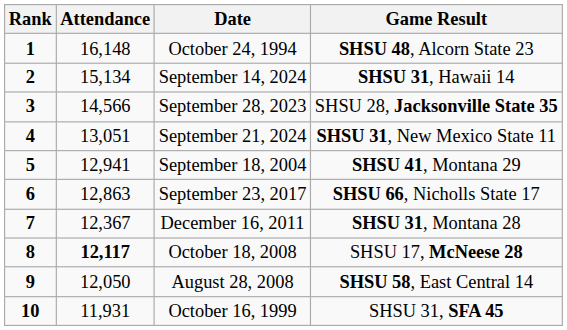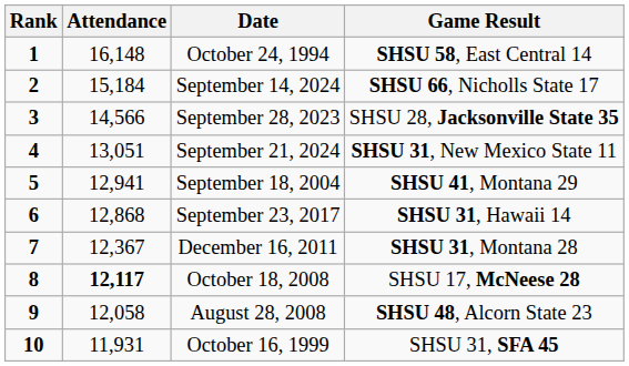 <table class="wikitable">
 <tr>
 <th>Rank</th>
 <th>Attendance</th>
 <th>Date</th>
 <th>Game Result</th>
 </tr>
 <tr align="center">
 <td><strong>1</strong></td>
 <td>16,148</td>
 <td>October 24, 1994</td>
-<td><strong>SHSU 48</strong>, Alcorn State 23</td>
+<td><strong>SHSU 58</strong>, East Central 14</td>
 </tr>
 <tr align="center">
 <td><strong>2</strong></td>
-<td>15,134</td>
+<td>15,184</td>
 <td>September 14, 2024</td>
-<td><strong>SHSU 31</strong>, Hawaii 14</td>
+<td><strong>SHSU 66</strong>, Nicholls State 17</td>
 </tr>
 <tr align="center">
 <td><strong>3</strong></td>
 <td>14,566</td>
 <td>September 28, 2023</td>
 <td>SHSU 28, <strong>Jacksonville State 35</strong></td>
 </tr>
 <tr align="center">
 <td><strong>4</strong></td>
 <td>13,051</td>
 <td>September 21, 2024</td>
 <td><strong>SHSU 31</strong>, New Mexico State 11</td>
 </tr>
 <tr align="center">
 <td><strong>5</strong></td>
 <td>12,941</td>
 <td>September 18, 2004</td>
 <td><strong>SHSU 41</strong>, Montana 29</td>
 </tr>
 <tr align="center">
 <td><strong>6</strong></td>
-<td>12,863</td>
+<td>12,868</td>
 <td>September 23, 2017</td>
-<td><strong>SHSU 66</strong>, Nicholls State 17</td>
+<td><strong>SHSU 31</strong>, Hawaii 14</td>
 </tr>
 <tr align="center">
 <td><strong>7</strong></td>
 <td>12,367</td>
 <td>December 16, 2011</td>
 <td><strong>SHSU 31</strong>, Montana 28</td>
 </tr>
 <tr align="center">
 <td><strong>8</strong></td>
 <td><strong>12,117</strong></td>
 <td>October 18, 2008</td>
 <td>SHSU 17, <strong>McNeese 28</strong></td>
 </tr>
 <tr align="center">
 <td><strong>9</strong></td>
-<td>12,050</td>
+<td>12,058</td>
 <td>August 28, 2008</td>
-<td><strong>SHSU 58</strong>, East Central 14</td>
+<td><strong>SHSU 48</strong>, Alcorn State 23</td>
 </tr>
 <tr align="center">
 <td><strong>10</strong></td>
 <td>11,931</td>
 <td>October 16, 1999</td>
 <td>SHSU 31, <strong>SFA 45</strong></td>
 </tr>
 </table>
